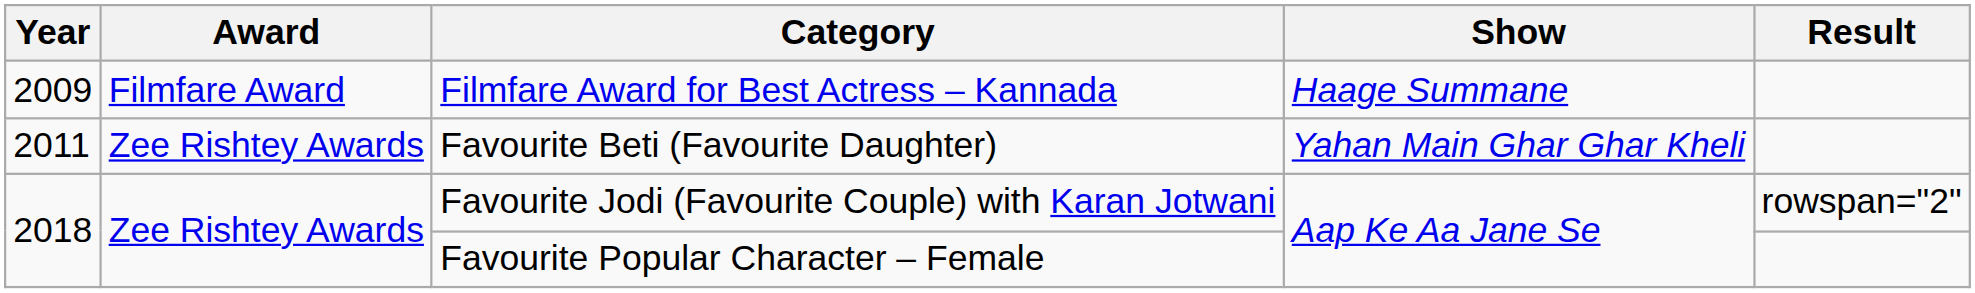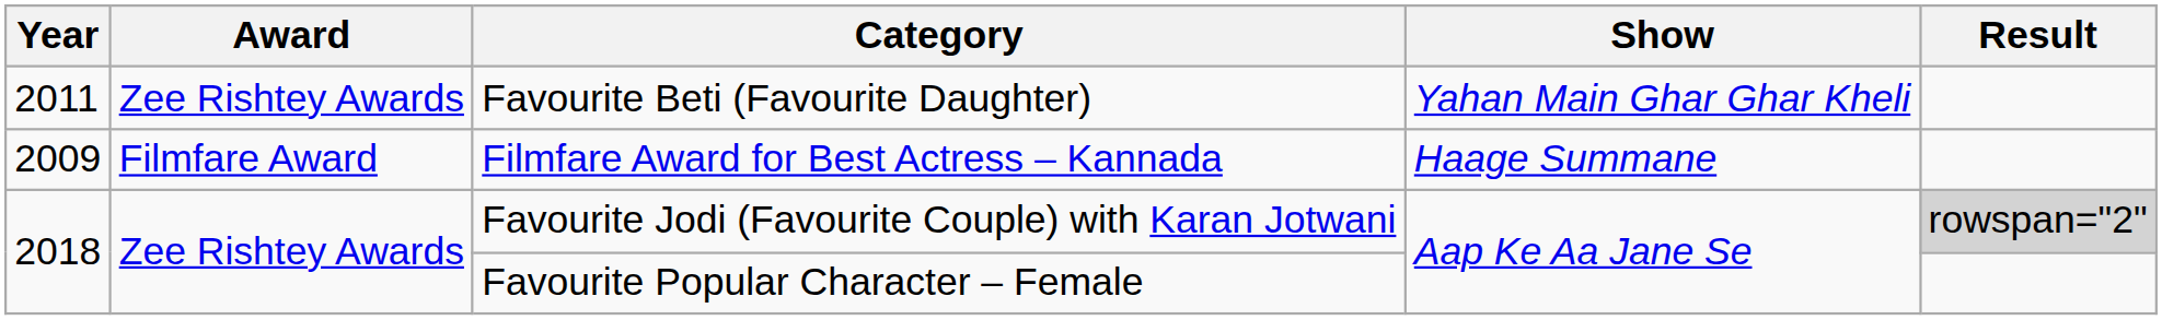 <table class="wikitable">
 <tr>
 <th>Year</th>
 <th>Award</th>
 <th>Category</th>
 <th>Show</th>
 <th>Result</th>
 </tr>
 <tr>
+<td>2011</td>
+<td><a href='#'>Zee Rishtey Awards</a></td>
+<td>Favourite Beti (Favourite Daughter)</td>
+<td><em><a href='#'>Yahan Main Ghar Ghar Kheli</a></em></td>
+<td></td>
+</tr>
+<tr>
 <td>2009</td>
 <td><a href='#'>Filmfare Award</a></td>
 <td><a href='#'>Filmfare Award for Best Actress – Kannada</a></td>
 <td><em><a href='#'>Haage Summane</a></em></td>
 <td></td>
 </tr>
 <tr>
-<td>2011</td>
-<td><a href='#'>Zee Rishtey Awards</a></td>
-<td>Favourite Beti (Favourite Daughter)</td>
-<td><em><a href='#'>Yahan Main Ghar Ghar Kheli</a></em></td>
-<td></td>
-</tr>
-<tr>
 <td rowspan="2">2018</td>
 <td rowspan="2"><a href='#'>Zee Rishtey Awards</a></td>
 <td>Favourite Jodi (Favourite Couple) with <a href='#'>Karan Jotwani</a></td>
 <td rowspan="2"><em><a href='#'>Aap Ke Aa Jane Se</a></em></td>
-<td>rowspan="2" </td>
+<td style="background: lightgrey;">rowspan="2" </td>
 </tr>
 <tr>
 <td>Favourite Popular Character – Female</td>
 </tr>
 </table>
